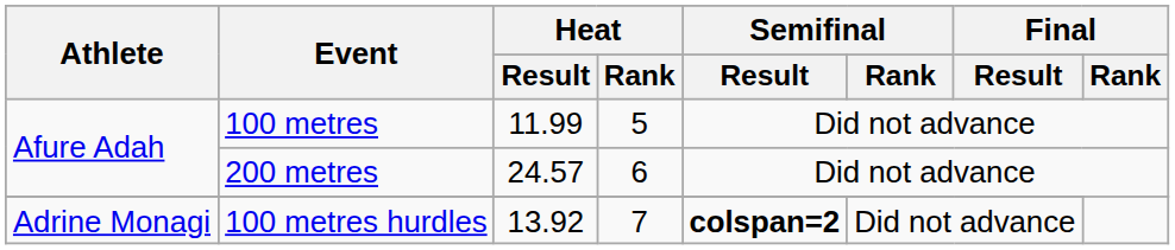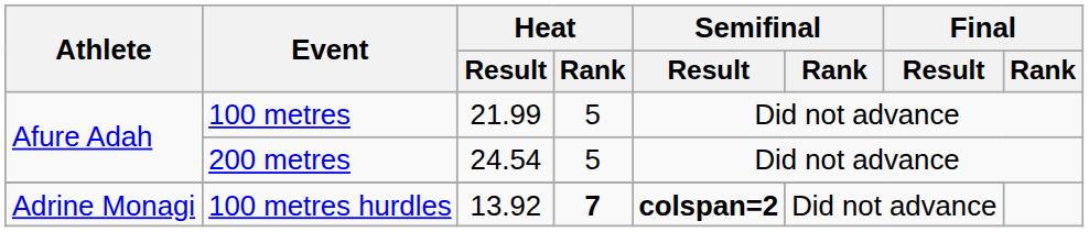 <table class=wikitable style=font-size:90%>
 <tr>
 <th rowspan=2>Athlete</th>
 <th rowspan=2>Event</th>
 <th colspan=2>Heat</th>
 <th colspan=2>Semifinal</th>
 <th colspan=2>Final</th>
 </tr>
 <tr style=font-size:95%>
 <th>Result</th>
 <th>Rank</th>
 <th>Result</th>
 <th>Rank</th>
 <th>Result</th>
 <th>Rank</th>
 </tr>
 <tr align=center>
 <td align=left rowspan=2><a href='#'>Afure Adah</a></td>
 <td align=left><a href='#'>100 metres</a></td>
-<td>11.99</td>
+<td>21.99</td>
 <td>5</td>
 <td colspan=4>Did not advance</td>
 </tr>
 <tr align=center>
 <td align=left><a href='#'>200 metres</a></td>
-<td>24.57</td>
-<td>6</td>
+<td>24.54</td>
+<td>5</td>
 <td colspan=4>Did not advance</td>
 </tr>
 <tr>
 </tr>
 <tr align=center>
 <td align=left><a href='#'>Adrine Monagi</a></td>
 <td align=left><a href='#'>100 metres hurdles</a></td>
 <td>13.92</td>
-<td>7</td>
+<td><strong>7</strong></td>
 <td><strong>colspan=2</strong></td>
 <td colspan=2>Did not advance</td>
 </tr>
 </table>
